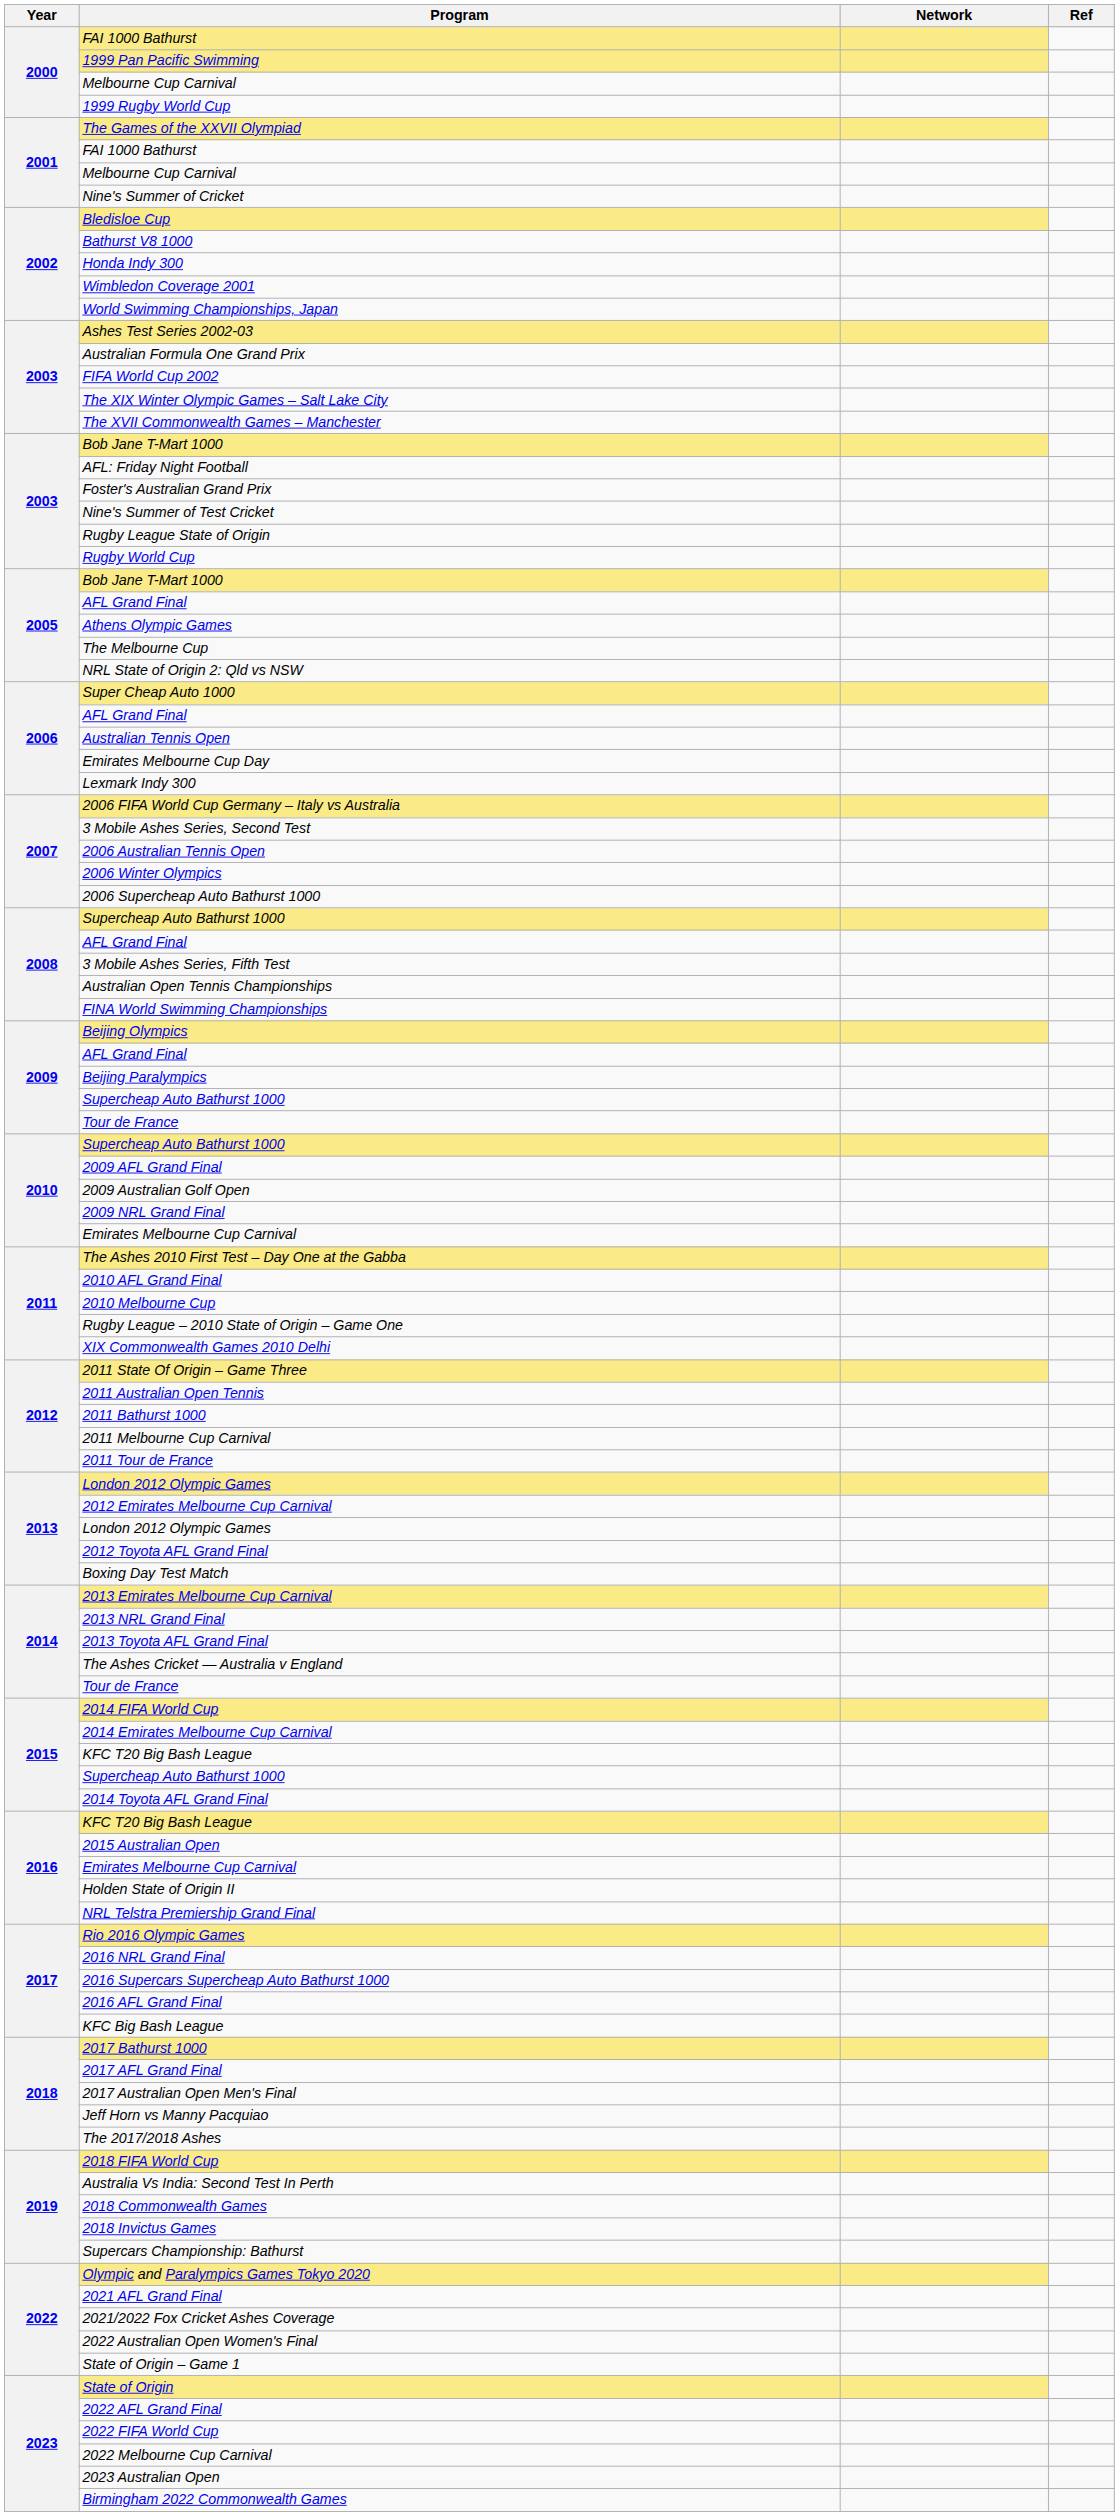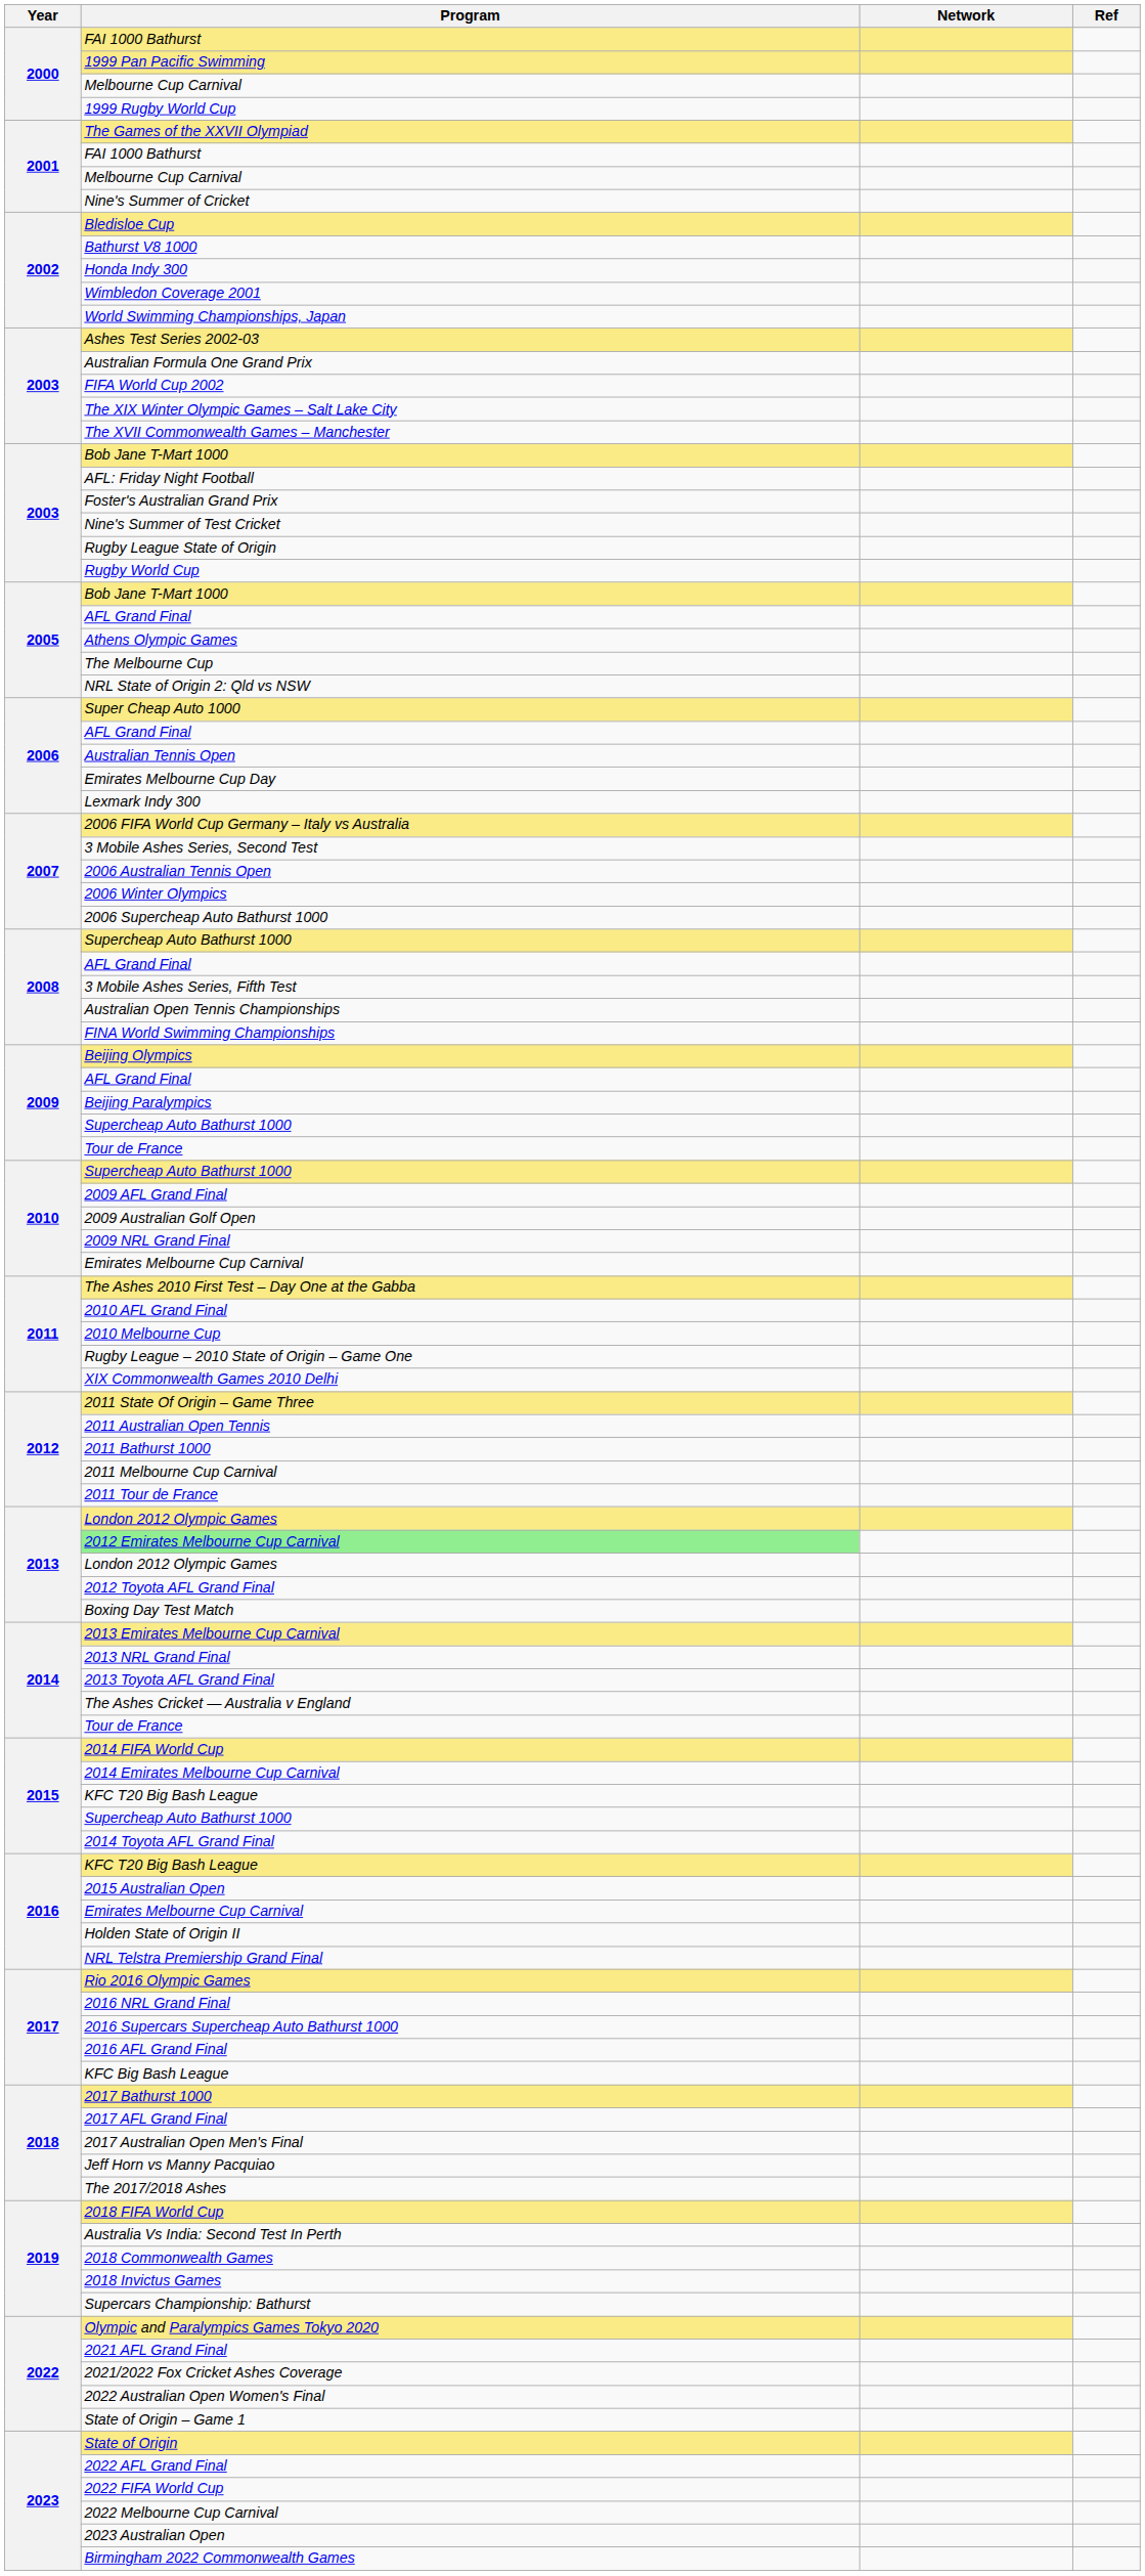 <table class="wikitable sortable">
 <tr style="background:#bebebe;">
 <th scope="col" style="width:1%;">Year</th>
 <th scope="col" style="width:16%;">Program</th>
 <th scope="col" style="width:4%;">Network</th>
 <th scope="col" style="width:1%;" class="unsortable">Ref</th>
 </tr>
 <tr>
 <th scope="row" rowspan="4" style="text-align:center"><a href='#'>2000</a></th>
 <td style="background:#FAEB86"><em>FAI 1000 Bathurst</em></td>
 <td style="background:#FAEB86"></td>
 <td></td>
 </tr>
 <tr>
 <td style="background:#FAEB86"><em><a href='#'>1999 Pan Pacific Swimming</a></em></td>
 <td style="background:#FAEB86"></td>
 <td></td>
 </tr>
 <tr>
 <td><em>Melbourne Cup Carnival</em></td>
 <td></td>
 <td></td>
 </tr>
 <tr>
 <td><em><a href='#'>1999 Rugby World Cup</a></em></td>
 <td></td>
 <td></td>
 </tr>
 <tr>
 <th scope="row" rowspan="4" style="text-align:center"><a href='#'>2001</a></th>
 <td style="background:#FAEB86"><em><a href='#'>The Games of the XXVII Olympiad</a></em></td>
 <td style="background:#FAEB86"></td>
 <td></td>
 </tr>
 <tr>
 <td><em>FAI 1000 Bathurst</em></td>
 <td></td>
 <td></td>
 </tr>
 <tr>
 <td><em>Melbourne Cup Carnival</em></td>
 <td></td>
 <td></td>
 </tr>
 <tr>
 <td><em>Nine's Summer of Cricket</em></td>
 <td></td>
 <td></td>
 </tr>
 <tr>
 <th scope="row" rowspan="5" style="text-align:center"><a href='#'>2002</a></th>
 <td style="background:#FAEB86"><em><a href='#'>Bledisloe Cup</a></em></td>
 <td style="background:#FAEB86"></td>
 <td></td>
 </tr>
 <tr>
 <td><em><a href='#'>Bathurst V8 1000</a></em></td>
 <td></td>
 <td></td>
 </tr>
 <tr>
 <td><em><a href='#'>Honda Indy 300</a></em></td>
 <td></td>
 <td></td>
 </tr>
 <tr>
 <td><em><a href='#'>Wimbledon Coverage 2001</a></em></td>
 <td></td>
 <td></td>
 </tr>
 <tr>
 <td><em><a href='#'>World Swimming Championships, Japan</a></em></td>
 <td></td>
 <td></td>
 </tr>
 <tr>
 <th scope="row" rowspan="5" style="text-align:center"><a href='#'>2003</a></th>
 <td style="background:#FAEB86"><em>Ashes Test Series 2002-03</em></td>
 <td style="background:#FAEB86"></td>
 <td></td>
 </tr>
 <tr>
 <td><em>Australian Formula One Grand Prix</em></td>
 <td></td>
 <td></td>
 </tr>
 <tr>
 <td><em><a href='#'>FIFA World Cup 2002</a></em></td>
 <td></td>
 <td></td>
 </tr>
 <tr>
 <td><em><a href='#'>The XIX Winter Olympic Games – Salt Lake City</a></em></td>
 <td></td>
 <td></td>
 </tr>
 <tr>
 <td><em><a href='#'>The XVII Commonwealth Games – Manchester</a></em></td>
 <td></td>
 <td></td>
 </tr>
 <tr>
 <th scope="row" rowspan="6" style="text-align:center"><a href='#'>2003</a></th>
 <td style="background:#FAEB86"><em>Bob Jane T-Mart 1000</em></td>
 <td style="background:#FAEB86"></td>
 <td></td>
 </tr>
 <tr>
 <td><em>AFL: Friday Night Football</em></td>
 <td></td>
 <td></td>
 </tr>
 <tr>
 <td><em>Foster's Australian Grand Prix</em></td>
 <td></td>
 <td></td>
 </tr>
 <tr>
 <td><em>Nine's Summer of Test Cricket</em></td>
 <td></td>
 <td></td>
 </tr>
 <tr>
 <td><em>Rugby League State of Origin</em></td>
 <td></td>
 <td></td>
 </tr>
 <tr>
 <td><em><a href='#'>Rugby World Cup</a></em></td>
 <td></td>
 <td></td>
 </tr>
 <tr>
 <th scope="row" rowspan="5" style="text-align:center"><a href='#'>2005</a></th>
 <td style="background:#FAEB86"><em>Bob Jane T-Mart 1000</em></td>
 <td style="background:#FAEB86"></td>
 <td></td>
 </tr>
 <tr>
 <td><em><a href='#'>AFL Grand Final</a></em></td>
 <td></td>
 <td></td>
 </tr>
 <tr>
 <td><em><a href='#'>Athens Olympic Games</a></em></td>
 <td></td>
 <td></td>
 </tr>
 <tr>
 <td><em>The Melbourne Cup</em></td>
 <td></td>
 <td></td>
 </tr>
 <tr>
 <td><em>NRL State of Origin 2: Qld vs NSW</em></td>
 <td></td>
 <td></td>
 </tr>
 <tr>
 <th scope="row" rowspan="5" style="text-align:center"><a href='#'>2006</a></th>
 <td style="background:#FAEB86"><em>Super Cheap Auto 1000</em></td>
 <td style="background:#FAEB86"></td>
 <td></td>
 </tr>
 <tr>
 <td><em><a href='#'>AFL Grand Final</a></em></td>
 <td></td>
 <td></td>
 </tr>
 <tr>
 <td><em><a href='#'>Australian Tennis Open</a></em></td>
 <td></td>
 <td></td>
 </tr>
 <tr>
 <td><em>Emirates Melbourne Cup Day</em></td>
 <td></td>
 <td></td>
 </tr>
 <tr>
 <td><em>Lexmark Indy 300</em></td>
 <td></td>
 <td></td>
 </tr>
 <tr>
 <th scope="row" rowspan="5" style="text-align:center"><a href='#'>2007</a></th>
 <td style="background:#FAEB86"><em>2006 FIFA World Cup Germany – Italy vs Australia</em></td>
 <td style="background:#FAEB86"></td>
 <td></td>
 </tr>
 <tr>
 <td><em>3 Mobile Ashes Series, Second Test</em></td>
 <td></td>
 <td></td>
 </tr>
 <tr>
 <td><em><a href='#'>2006 Australian Tennis Open</a></em></td>
 <td></td>
 <td></td>
 </tr>
 <tr>
 <td><em><a href='#'>2006 Winter Olympics</a></em></td>
 <td></td>
 <td></td>
 </tr>
 <tr>
 <td><em>2006 Supercheap Auto Bathurst 1000</em></td>
 <td></td>
 <td></td>
 </tr>
 <tr>
 <th scope="row" rowspan="5" style="text-align:center"><a href='#'>2008</a></th>
 <td style="background:#FAEB86"><em>Supercheap Auto Bathurst 1000</em></td>
 <td style="background:#FAEB86"></td>
 <td></td>
 </tr>
 <tr>
 <td><em><a href='#'>AFL Grand Final</a></em></td>
 <td></td>
 <td></td>
 </tr>
 <tr>
 <td><em>3 Mobile Ashes Series, Fifth Test</em></td>
 <td></td>
 <td></td>
 </tr>
 <tr>
 <td><em>Australian Open Tennis Championships</em></td>
 <td></td>
 <td></td>
 </tr>
 <tr>
 <td><em><a href='#'>FINA World Swimming Championships</a></em></td>
 <td></td>
 <td></td>
 </tr>
 <tr>
 <th scope="row" rowspan="5" style="text-align:center"><a href='#'>2009</a></th>
 <td style="background:#FAEB86"><em><a href='#'>Beijing Olympics</a></em></td>
 <td style="background:#FAEB86"></td>
 <td></td>
 </tr>
 <tr>
 <td><em><a href='#'>AFL Grand Final</a></em></td>
 <td></td>
 <td></td>
 </tr>
 <tr>
 <td><em><a href='#'>Beijing Paralympics</a></em></td>
 <td></td>
 <td></td>
 </tr>
 <tr>
 <td><em><a href='#'>Supercheap Auto Bathurst 1000</a></em></td>
 <td></td>
 <td></td>
 </tr>
 <tr>
 <td><em><a href='#'>Tour de France</a></em></td>
 <td></td>
 <td></td>
 </tr>
 <tr>
 <th scope="row" rowspan="5" style="text-align:center"><a href='#'>2010</a></th>
 <td style="background:#FAEB86"><em><a href='#'>Supercheap Auto Bathurst 1000</a></em></td>
 <td style="background:#FAEB86"></td>
 <td></td>
 </tr>
 <tr>
 <td><em><a href='#'>2009 AFL Grand Final</a></em></td>
 <td></td>
 <td></td>
 </tr>
 <tr>
 <td><em>2009 Australian Golf Open</em></td>
 <td></td>
 <td></td>
 </tr>
 <tr>
 <td><em><a href='#'>2009 NRL Grand Final</a></em></td>
 <td></td>
 <td></td>
 </tr>
 <tr>
 <td><em>Emirates Melbourne Cup Carnival</em></td>
 <td></td>
 <td></td>
 </tr>
 <tr>
 <th scope="row" rowspan="5" style="text-align:center"><a href='#'>2011</a></th>
 <td style="background:#FAEB86"><em>The Ashes 2010 First Test – Day One at the Gabba</em></td>
 <td style="background:#FAEB86"></td>
 <td></td>
 </tr>
 <tr>
 <td><em><a href='#'>2010 AFL Grand Final</a></em></td>
 <td></td>
 <td></td>
 </tr>
 <tr>
 <td><em><a href='#'>2010 Melbourne Cup</a></em></td>
 <td></td>
 <td></td>
 </tr>
 <tr>
 <td><em>Rugby League – 2010 State of Origin – Game One</em></td>
 <td></td>
 <td></td>
 </tr>
 <tr>
 <td><em><a href='#'>XIX Commonwealth Games 2010 Delhi</a></em></td>
 <td></td>
 <td></td>
 </tr>
 <tr>
 <th scope="row" rowspan="5" style="text-align:center"><a href='#'>2012</a></th>
 <td style="background:#FAEB86"><em>2011 State Of Origin – Game Three</em></td>
 <td style="background:#FAEB86"></td>
 <td></td>
 </tr>
 <tr>
 <td><em><a href='#'>2011 Australian Open Tennis</a></em></td>
 <td></td>
 <td></td>
 </tr>
 <tr>
 <td><em><a href='#'>2011 Bathurst 1000</a></em></td>
 <td></td>
 <td></td>
 </tr>
 <tr>
 <td><em>2011 Melbourne Cup Carnival</em></td>
 <td></td>
 <td></td>
 </tr>
 <tr>
 <td><em><a href='#'>2011 Tour de France</a></em></td>
 <td></td>
 <td></td>
 </tr>
 <tr>
 <th scope="row" rowspan="5" style="text-align:center"><a href='#'>2013</a></th>
 <td style="background:#FAEB86"><em><a href='#'>London 2012 Olympic Games</a></em></td>
 <td style="background:#FAEB86"></td>
 <td></td>
 </tr>
 <tr>
-<td><em><a href='#'>2012 Emirates Melbourne Cup Carnival</a></em></td>
+<td style="background: lightgreen;"><em><a href='#'>2012 Emirates Melbourne Cup Carnival</a></em></td>
 <td></td>
 <td></td>
 </tr>
 <tr>
 <td><em>London 2012 Olympic Games</em></td>
 <td></td>
 <td></td>
 </tr>
 <tr>
 <td><em><a href='#'>2012 Toyota AFL Grand Final</a></em></td>
 <td></td>
 <td></td>
 </tr>
 <tr>
 <td><em>Boxing Day Test Match</em></td>
 <td></td>
 <td></td>
 </tr>
 <tr>
 <th scope="row" rowspan="5" style="text-align:center"><a href='#'>2014</a></th>
 <td style="background:#FAEB86"><em><a href='#'>2013 Emirates Melbourne Cup Carnival</a></em></td>
 <td style="background:#FAEB86"></td>
 <td></td>
 </tr>
 <tr>
 <td><em><a href='#'>2013 NRL Grand Final</a></em></td>
 <td></td>
 <td></td>
 </tr>
 <tr>
 <td><em><a href='#'>2013 Toyota AFL Grand Final</a></em></td>
 <td></td>
 <td></td>
 </tr>
 <tr>
 <td><em>The Ashes Cricket — Australia v England</em></td>
 <td></td>
 <td></td>
 </tr>
 <tr>
 <td><em><a href='#'>Tour de France</a></em></td>
 <td></td>
 <td></td>
 </tr>
 <tr>
 <th scope="row" rowspan="5" style="text-align:center"><a href='#'>2015</a></th>
 <td style="background:#FAEB86"><em><a href='#'>2014 FIFA World Cup</a></em></td>
 <td style="background:#FAEB86"></td>
 <td></td>
 </tr>
 <tr>
 <td><em><a href='#'>2014 Emirates Melbourne Cup Carnival</a></em></td>
 <td></td>
 <td></td>
 </tr>
 <tr>
 <td><em>KFC T20 Big Bash League</em></td>
 <td></td>
 <td></td>
 </tr>
 <tr>
 <td><em><a href='#'>Supercheap Auto Bathurst 1000</a></em></td>
 <td></td>
 <td></td>
 </tr>
 <tr>
 <td><em><a href='#'>2014 Toyota AFL Grand Final</a></em></td>
 <td></td>
 <td></td>
 </tr>
 <tr>
 <th scope="row" rowspan="5" style="text-align:center"><a href='#'>2016</a></th>
 <td style="background:#FAEB86"><em>KFC T20 Big Bash League</em></td>
 <td style="background:#FAEB86"></td>
 <td></td>
 </tr>
 <tr>
 <td><em><a href='#'>2015 Australian Open</a></em></td>
 <td></td>
 <td></td>
 </tr>
 <tr>
 <td><em><a href='#'>Emirates Melbourne Cup Carnival</a></em></td>
 <td></td>
 <td></td>
 </tr>
 <tr>
 <td><em>Holden State of Origin II</em></td>
 <td></td>
 <td></td>
 </tr>
 <tr>
 <td><em><a href='#'>NRL Telstra Premiership Grand Final</a></em></td>
 <td></td>
 <td></td>
 </tr>
 <tr>
 <th scope="row" rowspan="5" style="text-align:center"><a href='#'>2017</a></th>
 <td style="background:#FAEB86"><em><a href='#'>Rio 2016 Olympic Games</a></em></td>
 <td style="background:#FAEB86"></td>
 <td></td>
 </tr>
 <tr>
 <td><em><a href='#'>2016 NRL Grand Final</a></em></td>
 <td></td>
 <td></td>
 </tr>
 <tr>
 <td><em><a href='#'>2016 Supercars Supercheap Auto Bathurst 1000</a></em></td>
 <td></td>
 <td></td>
 </tr>
 <tr>
 <td><em><a href='#'>2016 AFL Grand Final</a></em></td>
 <td></td>
 <td></td>
 </tr>
 <tr>
 <td><em>KFC Big Bash League</em></td>
 <td></td>
 <td></td>
 </tr>
 <tr>
 <th scope="row" rowspan="5" style="text-align:center"><a href='#'>2018</a></th>
 <td style="background:#FAEB86"><em><a href='#'>2017 Bathurst 1000</a></em></td>
 <td style="background:#FAEB86"></td>
 <td></td>
 </tr>
 <tr>
 <td><em><a href='#'>2017 AFL Grand Final</a></em></td>
 <td></td>
 <td></td>
 </tr>
 <tr>
 <td><em>2017 Australian Open Men's Final</em></td>
 <td></td>
 <td></td>
 </tr>
 <tr>
 <td><em>Jeff Horn vs Manny Pacquiao</em></td>
 <td></td>
 <td></td>
 </tr>
 <tr>
 <td><em>The 2017/2018 Ashes</em></td>
 <td></td>
 <td></td>
 </tr>
 <tr>
 <th scope="row" rowspan="5" style="text-align:center"><a href='#'>2019</a></th>
 <td style="background:#FAEB86"><em><a href='#'>2018 FIFA World Cup</a></em></td>
 <td style="background:#FAEB86"></td>
 <td></td>
 </tr>
 <tr>
 <td><em>Australia Vs India: Second Test In Perth</em></td>
 <td></td>
 <td></td>
 </tr>
 <tr>
 <td><em><a href='#'>2018 Commonwealth Games</a></em></td>
 <td></td>
 <td></td>
 </tr>
 <tr>
 <td><em><a href='#'>2018 Invictus Games</a></em></td>
 <td></td>
 <td></td>
 </tr>
 <tr>
 <td><em>Supercars Championship: Bathurst</em></td>
 <td></td>
 <td></td>
 </tr>
 <tr>
 <th scope="row" rowspan="5" style="text-align:center"><a href='#'>2022</a></th>
 <td style="background:#FAEB86"><em><a href='#'>Olympic</a> and <a href='#'>Paralympics Games Tokyo 2020</a></em></td>
 <td style="background:#FAEB86"></td>
 <td></td>
 </tr>
 <tr>
 <td><em><a href='#'>2021 AFL Grand Final</a></em></td>
 <td></td>
 <td></td>
 </tr>
 <tr>
 <td><em>2021/2022 Fox Cricket Ashes Coverage</em></td>
 <td></td>
 <td></td>
 </tr>
 <tr>
 <td><em>2022 Australian Open Women's Final</em></td>
 <td></td>
 <td></td>
 </tr>
 <tr>
 <td><em>State of Origin – Game 1</em></td>
 <td></td>
 <td></td>
 </tr>
 <tr>
 <th rowspan="6"><a href='#'>2023</a></th>
 <td style="background:#FAEB86"><em><a href='#'>State of Origin</a></em></td>
 <td style="background:#FAEB86"></td>
 <td></td>
 </tr>
 <tr>
 <td><em><a href='#'>2022 AFL Grand Final</a></em></td>
 <td></td>
 <td></td>
 </tr>
 <tr>
 <td><em><a href='#'>2022 FIFA World Cup</a></em></td>
 <td></td>
 <td></td>
 </tr>
 <tr>
 <td><em>2022 Melbourne Cup Carnival</em></td>
 <td></td>
 <td></td>
 </tr>
 <tr>
 <td><em>2023 Australian Open</em></td>
 <td></td>
 <td></td>
 </tr>
 <tr>
 <td><em><a href='#'>Birmingham 2022 Commonwealth Games</a></em></td>
 <td></td>
 <td></td>
 </tr>
 </table>
